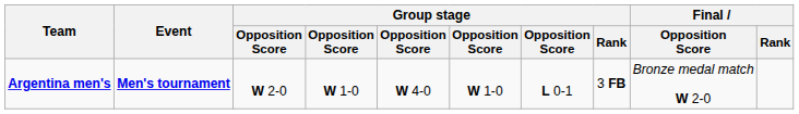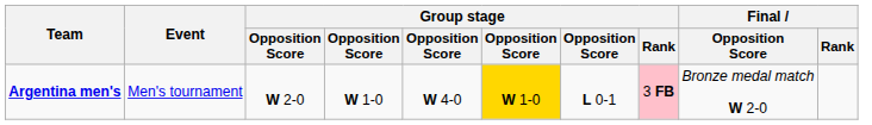 <table class="wikitable" style="font-size:90%;text-align:center">
 <tr>
 <th rowspan="2">Team</th>
 <th rowspan="2">Event</th>
 <th colspan="6">Group stage</th>
 <th colspan="2">Final / </th>
 </tr>
 <tr style="font-size:95%">
 <th>Opposition<br>Score</th>
 <th>Opposition<br>Score</th>
 <th>Opposition<br>Score</th>
 <th>Opposition<br>Score</th>
 <th>Opposition<br>Score</th>
 <th>Rank</th>
 <th>Opposition<br>Score</th>
 <th>Rank</th>
 </tr>
 <tr>
 <td align=left><strong><a href='#'>Argentina men's</a></strong></td>
-<td align=left><strong><a href='#'>Men's tournament</a></strong></td>
+<td align=left><a href='#'>Men's tournament</a></td>
 <td><br><strong>W</strong> 2-0</td>
 <td><br><strong>W</strong> 1-0</td>
 <td><br><strong>W</strong> 4-0</td>
-<td><br><strong>W</strong> 1-0</td>
+<td style="background: gold;"><br><strong>W</strong> 1-0</td>
 <td><br><strong>L</strong> 0-1</td>
-<td>3 <strong>FB</strong></td>
+<td style="background: pink;">3 <strong>FB</strong></td>
 <td><em>Bronze medal match</em><br><br><strong>W</strong> 2-0</td>
 <td></td>
 </tr>
 </table>
